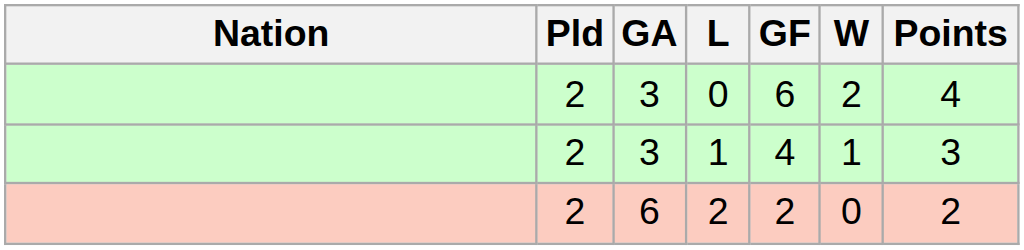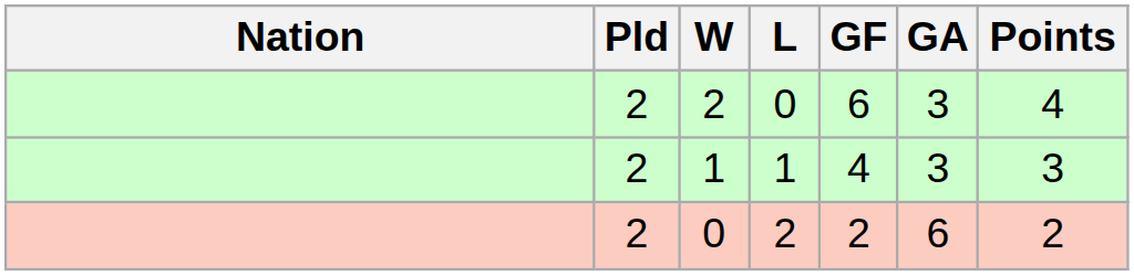 <table class=wikitable style="text-align:center">
 <tr>
 <th width=220>Nation</th>
 <th width=20>Pld</th>
-<th width=20>GA</th>
+<th width=20>W</th>
 <th width=20>L</th>
 <th width=20>GF</th>
-<th width=20>W</th>
+<th width=20>GA</th>
 <th width=50>Points</th>
 </tr>
 <tr bgcolor="#ccffcc">
 <td align=left></td>
 <td>2</td>
-<td>3</td>
+<td>2</td>
 <td>0</td>
 <td>6</td>
-<td>2</td>
+<td>3</td>
 <td>4</td>
 </tr>
 <tr bgcolor="#ccffcc">
 <td align=left></td>
 <td>2</td>
-<td>3</td>
+<td>1</td>
 <td>1</td>
 <td>4</td>
-<td>1</td>
+<td>3</td>
 <td>3</td>
 </tr>
 <tr bgcolor="#fcccc">
 <td align=left></td>
 <td>2</td>
-<td>6</td>
+<td>0</td>
 <td>2</td>
 <td>2</td>
-<td>0</td>
+<td>6</td>
 <td>2</td>
 </tr>
 </table>
